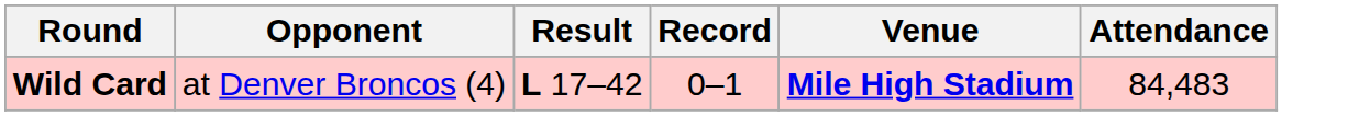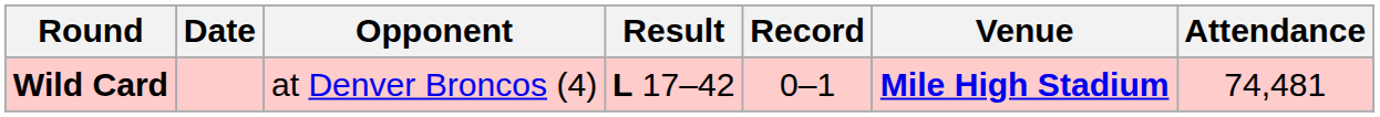 <table class="wikitable" style="text-align:center">
 <tr>
 <th>Round</th>
+<th>Date</th>
 <th>Opponent</th>
 <th>Result</th>
 <th>Record</th>
 <th>Venue</th>
 <th>Attendance</th>
 </tr>
 <tr style="background: #fcc;">
 <td><strong>Wild Card</strong></td>
+<td></td>
 <td>at <a href='#'>Denver Broncos</a> (4)</td>
 <td><strong>L</strong> 17–42</td>
 <td>0–1</td>
 <td><strong><a href='#'>Mile High Stadium</a></strong></td>
-<td>84,483</td>
+<td>74,481</td>
 </tr>
 </table>
